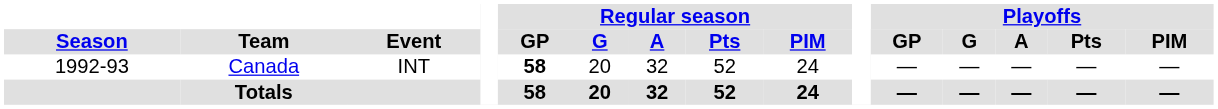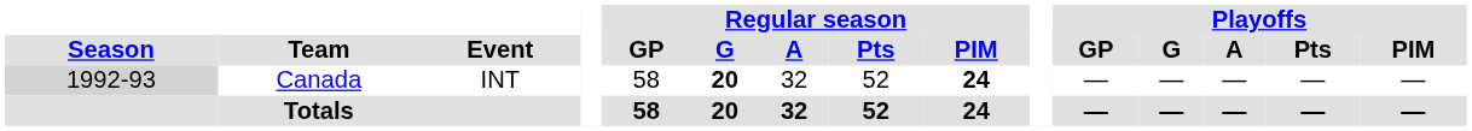 <table border="0" cellpadding="1" cellspacing="0" style="text-align:center; width:60em;">
 <tr style="background:#e0e0e0;">
 <th colspan="3"  bgcolor="#ffffff"> </th>
 <th rowspan="100" bgcolor="#ffffff"> </th>
 <th colspan="5"><a href='#'>Regular season</a></th>
 <th rowspan="100" bgcolor="#ffffff"> </th>
 <th colspan="5"><a href='#'>Playoffs</a></th>
 </tr>
 <tr style="background:#e0e0e0;">
 <th><a href='#'>Season</a></th>
 <th>Team</th>
 <th>Event</th>
 <th>GP</th>
 <th><a href='#'>G</a></th>
 <th><a href='#'>A</a></th>
 <th><a href='#'>Pts</a></th>
 <th><a href='#'>PIM</a></th>
 <th>GP</th>
 <th>G</th>
 <th>A</th>
 <th>Pts</th>
 <th>PIM</th>
 </tr>
 <tr>
-<td>1992-93</td>
+<td style="background: lightgrey;">1992-93</td>
 <td><a href='#'>Canada</a></td>
 <td>INT</td>
-<td><strong>58</strong></td>
-<td>20</td>
+<td>58</td>
+<td><strong>20</strong></td>
 <td>32</td>
 <td>52</td>
-<td>24</td>
+<td><strong>24</strong></td>
 <td>—</td>
 <td>—</td>
 <td>—</td>
 <td>—</td>
 <td>—</td>
 </tr>
 <tr bgcolor="#e0e0e0">
 <td></td>
 <td><strong>Totals</strong></td>
 <td></td>
 <td><strong>58</strong></td>
 <td><strong>20</strong></td>
 <td><strong>32</strong></td>
 <td><strong>52</strong></td>
 <td><strong>24</strong></td>
 <td><strong>—</strong></td>
 <td><strong>—</strong></td>
 <td><strong>—</strong></td>
 <td><strong>—</strong></td>
 <td><strong>—</strong></td>
 </tr>
 </table>
